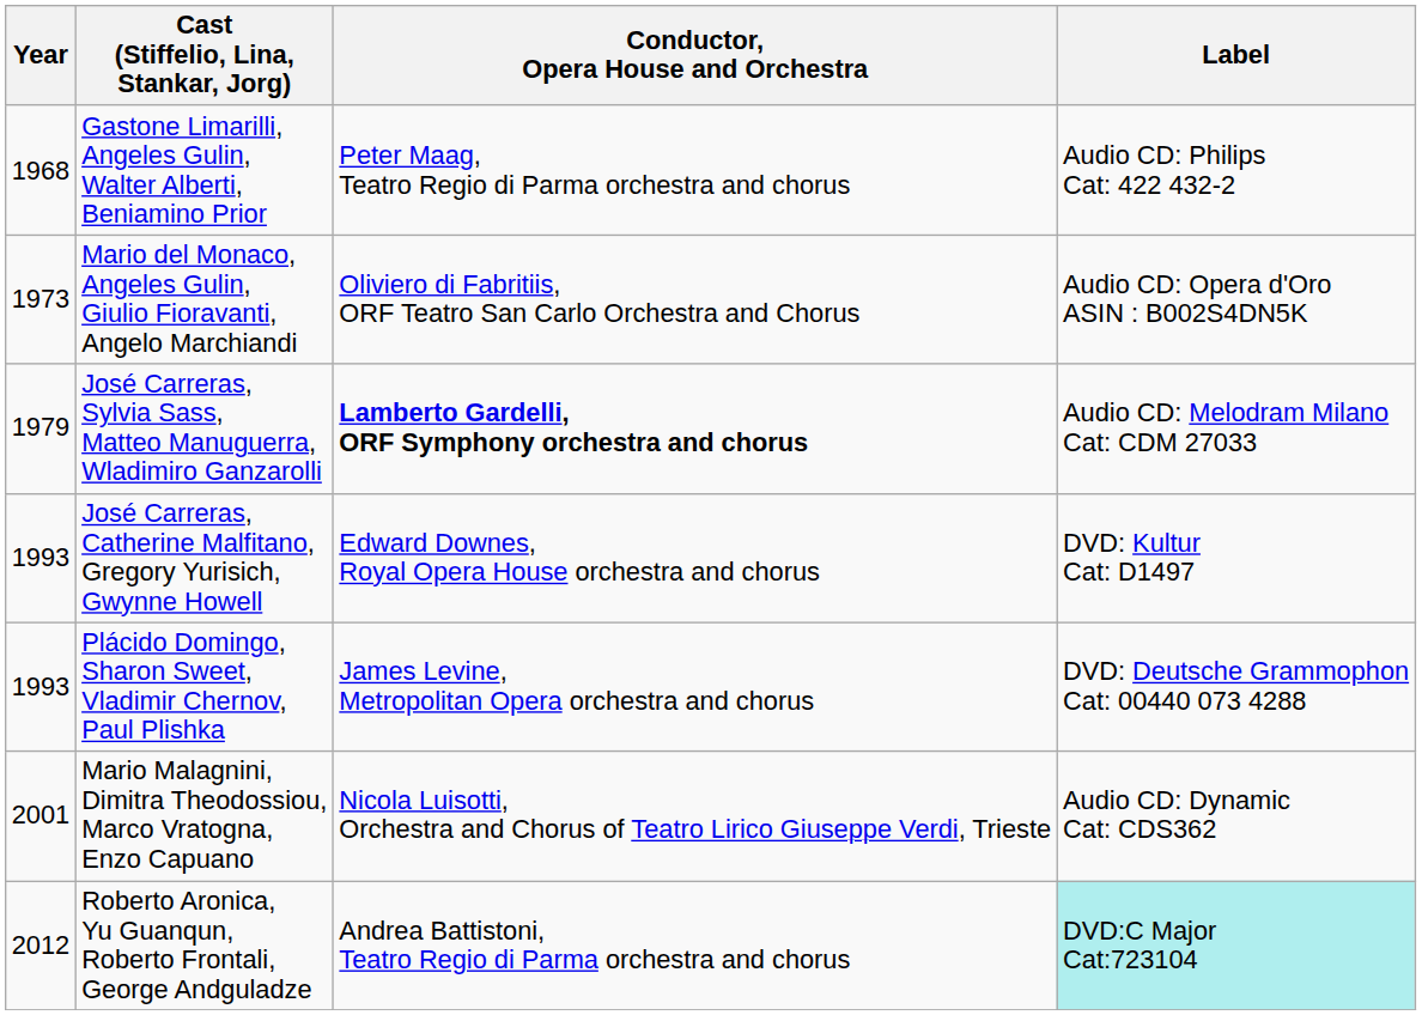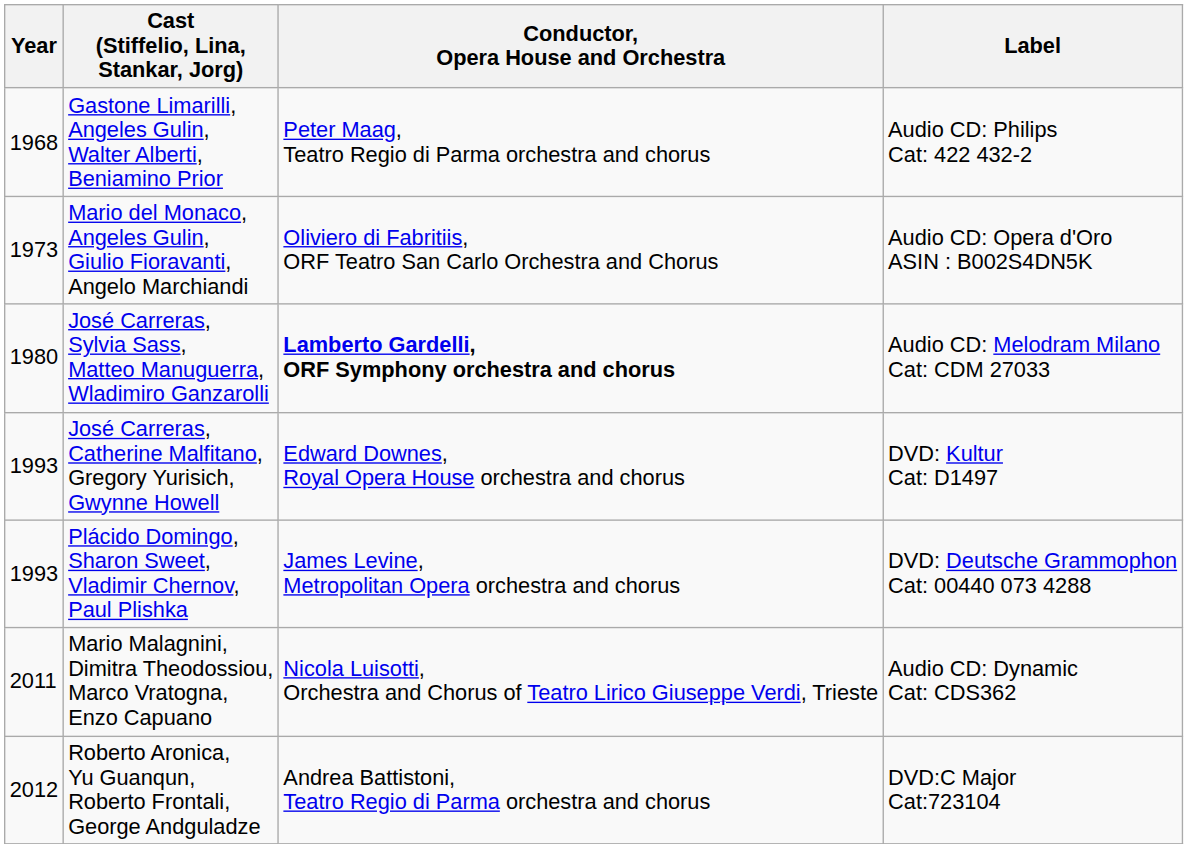 <table class="wikitable">
 <tr>
 <th>Year</th>
 <th>Cast <br>(Stiffelio, Lina,<br>Stankar, Jorg)</th>
 <th>Conductor,<br>Opera House and Orchestra</th>
 <th>Label</th>
 </tr>
 <tr>
 <td>1968</td>
 <td><a href='#'>Gastone Limarilli</a>,<br><a href='#'>Angeles Gulin</a>,<br><a href='#'>Walter Alberti</a>,<br><a href='#'>Beniamino Prior</a></td>
 <td><a href='#'>Peter Maag</a>,<br> Teatro Regio di Parma orchestra and chorus</td>
 <td>Audio CD: Philips<br>Cat: 422 432-2</td>
 </tr>
 <tr>
 <td>1973</td>
 <td><a href='#'>Mario del Monaco</a>,<br><a href='#'>Angeles Gulin</a>,<br><a href='#'>Giulio Fioravanti</a>,<br> Angelo Marchiandi</td>
 <td><a href='#'>Oliviero di Fabritiis</a>,<br> ORF Teatro San Carlo Orchestra and Chorus</td>
 <td>Audio CD: Opera d'Oro<br>ASIN  :  B002S4DN5K</td>
 </tr>
 <tr>
-<td>1979</td>
+<td>1980</td>
 <td><a href='#'>José Carreras</a>,<br><a href='#'>Sylvia Sass</a>,<br><a href='#'>Matteo Manuguerra</a>,<br><a href='#'>Wladimiro Ganzarolli</a></td>
 <td><strong><a href='#'>Lamberto Gardelli</a>,<br> ORF Symphony orchestra and chorus</strong></td>
 <td>Audio CD: <a href='#'>Melodram Milano</a><br>Cat: CDM 27033</td>
 </tr>
 <tr>
 <td>1993</td>
 <td><a href='#'>José Carreras</a>,<br><a href='#'>Catherine Malfitano</a>,<br>Gregory Yurisich,<br><a href='#'>Gwynne Howell</a></td>
 <td><a href='#'>Edward Downes</a>,<br> <a href='#'>Royal Opera House</a> orchestra and chorus</td>
 <td>DVD: <a href='#'>Kultur</a><br>Cat: D1497</td>
 </tr>
 <tr>
 <td>1993</td>
 <td><a href='#'>Plácido Domingo</a>,<br><a href='#'>Sharon Sweet</a>,<br><a href='#'>Vladimir Chernov</a>,<br><a href='#'>Paul Plishka</a></td>
 <td><a href='#'>James Levine</a>,<br> <a href='#'>Metropolitan Opera</a> orchestra and chorus</td>
 <td>DVD: <a href='#'>Deutsche Grammophon</a><br>Cat: 00440 073 4288</td>
 </tr>
 <tr>
-<td>2001</td>
+<td>2011</td>
 <td>Mario Malagnini,<br>Dimitra Theodossiou,<br>Marco Vratogna,<br>Enzo Capuano</td>
 <td><a href='#'>Nicola Luisotti</a>,<br> Orchestra and Chorus of <a href='#'>Teatro Lirico Giuseppe Verdi</a>, Trieste</td>
 <td>Audio CD: Dynamic<br>Cat: CDS362</td>
 </tr>
 <tr>
 <td>2012</td>
 <td>Roberto Aronica,<br>Yu Guanqun,<br>Roberto Frontali,<br>George Andguladze</td>
 <td>Andrea Battistoni,<br><a href='#'>Teatro Regio di Parma</a> orchestra and chorus</td>
-<td style="background: paleturquoise;">DVD:C Major<br>Cat:723104</td>
+<td>DVD:C Major<br>Cat:723104</td>
 </tr>
 </table>
